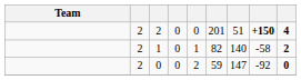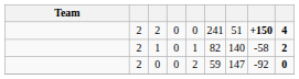 <table class=wikitable style="text-align:center">
 <tr>
 <th width=175>Team</th>
 <th width=20 abbr=Played></th>
 <th width=20 abbr=Won></th>
 <th width=20 abbr=Drawn></th>
 <th width=20 abbr=Lost></th>
 <th width=20 abbr=Goal For></th>
 <th width=20 abbr=Goal Against></th>
 <th width=20 abbr=Goal Difference></th>
 <th width=20 abbr=Points></th>
 </tr>
 <tr>
 <td align=left></td>
 <td>2</td>
 <td>2</td>
 <td>0</td>
 <td>0</td>
-<td>201</td>
+<td>241</td>
 <td>51</td>
 <td><strong>+150</strong></td>
 <td><strong>4</strong></td>
 </tr>
 <tr>
 <td align=left></td>
 <td>2</td>
 <td>1</td>
 <td>0</td>
 <td>1</td>
 <td>82</td>
 <td>140</td>
 <td>-58</td>
 <td><strong>2</strong></td>
 </tr>
 <tr>
 <td align=left></td>
 <td>2</td>
 <td>0</td>
 <td>0</td>
 <td>2</td>
 <td>59</td>
 <td>147</td>
 <td>-92</td>
 <td><strong>0</strong></td>
 </tr>
 <tr>
 </tr>
 </table>
